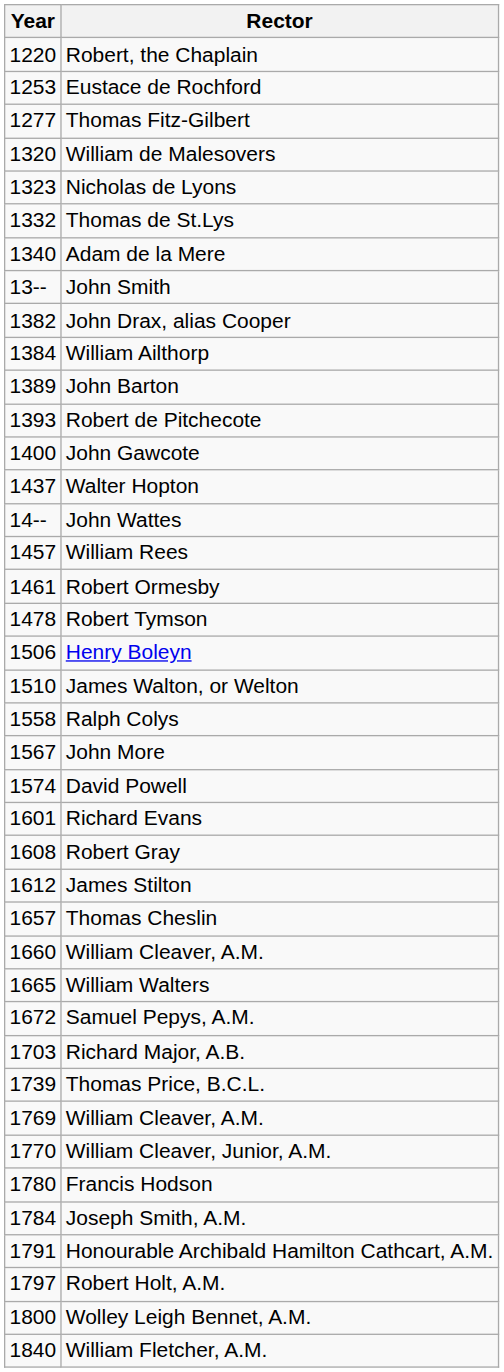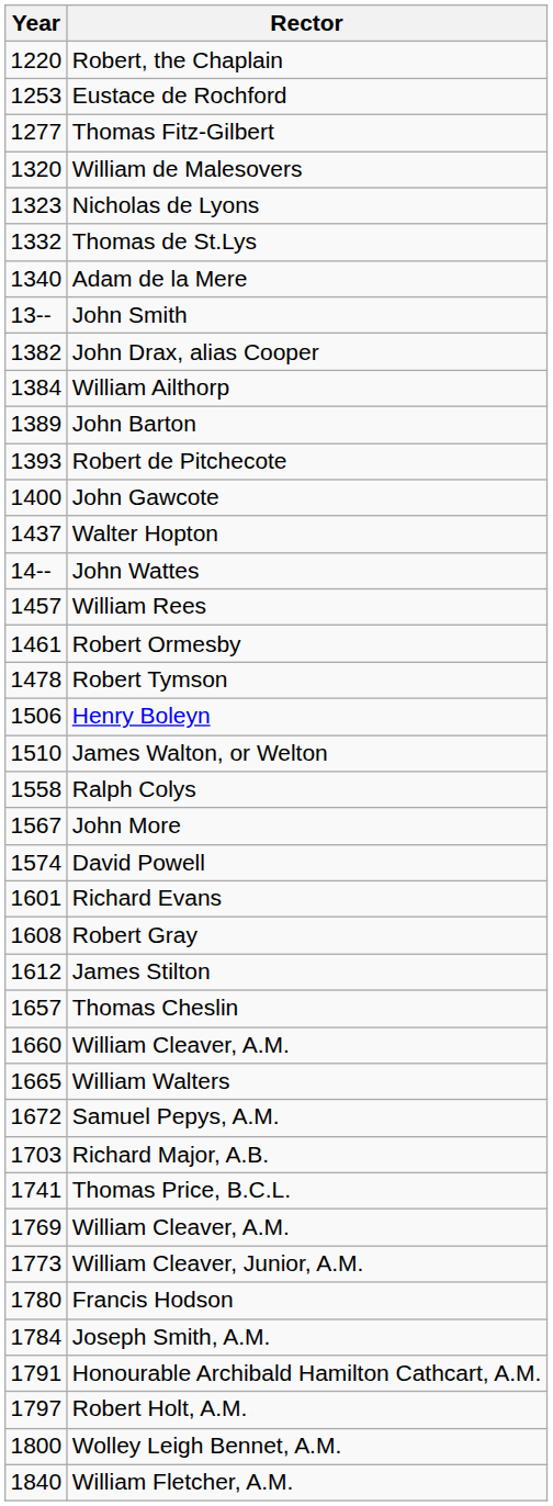 <table class="wikitable">
 <tr>
 <th>Year</th>
 <th>Rector</th>
 </tr>
 <tr>
 <td>1220</td>
 <td>Robert, the Chaplain</td>
 </tr>
 <tr>
 <td>1253</td>
 <td>Eustace de Rochford</td>
 </tr>
 <tr>
 <td>1277</td>
 <td>Thomas Fitz-Gilbert</td>
 </tr>
 <tr>
 <td>1320</td>
 <td>William de Malesovers</td>
 </tr>
 <tr>
 <td>1323</td>
 <td>Nicholas de Lyons</td>
 </tr>
 <tr>
 <td>1332</td>
 <td>Thomas de St.Lys</td>
 </tr>
 <tr>
 <td>1340</td>
 <td>Adam de la Mere</td>
 </tr>
 <tr>
 <td>13--</td>
 <td>John Smith</td>
 </tr>
 <tr>
 <td>1382</td>
 <td>John Drax, alias Cooper</td>
 </tr>
 <tr>
 <td>1384</td>
 <td>William Ailthorp</td>
 </tr>
 <tr>
 <td>1389</td>
 <td>John Barton</td>
 </tr>
 <tr>
 <td>1393</td>
 <td>Robert de Pitchecote</td>
 </tr>
 <tr>
 <td>1400</td>
 <td>John Gawcote</td>
 </tr>
 <tr>
 <td>1437</td>
 <td>Walter Hopton</td>
 </tr>
 <tr>
 <td>14--</td>
 <td>John Wattes</td>
 </tr>
 <tr>
 <td>1457</td>
 <td>William Rees</td>
 </tr>
 <tr>
 <td>1461</td>
 <td>Robert Ormesby</td>
 </tr>
 <tr>
 <td>1478</td>
 <td>Robert Tymson</td>
 </tr>
 <tr>
 <td>1506</td>
 <td><a href='#'>Henry Boleyn</a></td>
 </tr>
 <tr>
 <td>1510</td>
 <td>James Walton, or Welton</td>
 </tr>
 <tr>
 <td>1558</td>
 <td>Ralph Colys</td>
 </tr>
 <tr>
 <td>1567</td>
 <td>John More</td>
 </tr>
 <tr>
 <td>1574</td>
 <td>David Powell</td>
 </tr>
 <tr>
 <td>1601</td>
 <td>Richard Evans</td>
 </tr>
 <tr>
 <td>1608</td>
 <td>Robert Gray</td>
 </tr>
 <tr>
 <td>1612</td>
 <td>James Stilton</td>
 </tr>
 <tr>
 <td>1657</td>
 <td>Thomas Cheslin</td>
 </tr>
 <tr>
 <td>1660</td>
 <td>William Cleaver, A.M.</td>
 </tr>
 <tr>
 <td>1665</td>
 <td>William Walters</td>
 </tr>
 <tr>
 <td>1672</td>
 <td>Samuel Pepys, A.M.</td>
 </tr>
 <tr>
 <td>1703</td>
 <td>Richard Major, A.B.</td>
 </tr>
 <tr>
-<td>1739</td>
+<td>1741</td>
 <td>Thomas Price, B.C.L.</td>
 </tr>
 <tr>
 <td>1769</td>
 <td>William Cleaver, A.M.</td>
 </tr>
 <tr>
-<td>1770</td>
+<td>1773</td>
 <td>William Cleaver, Junior, A.M.</td>
 </tr>
 <tr>
 <td>1780</td>
 <td>Francis Hodson</td>
 </tr>
 <tr>
 <td>1784</td>
 <td>Joseph Smith, A.M.</td>
 </tr>
 <tr>
 <td>1791</td>
 <td>Honourable Archibald Hamilton Cathcart, A.M.</td>
 </tr>
 <tr>
 <td>1797</td>
 <td>Robert Holt, A.M.</td>
 </tr>
 <tr>
 <td>1800</td>
 <td>Wolley Leigh Bennet, A.M.</td>
 </tr>
 <tr>
 <td>1840</td>
 <td>William Fletcher, A.M.</td>
 </tr>
 </table>
